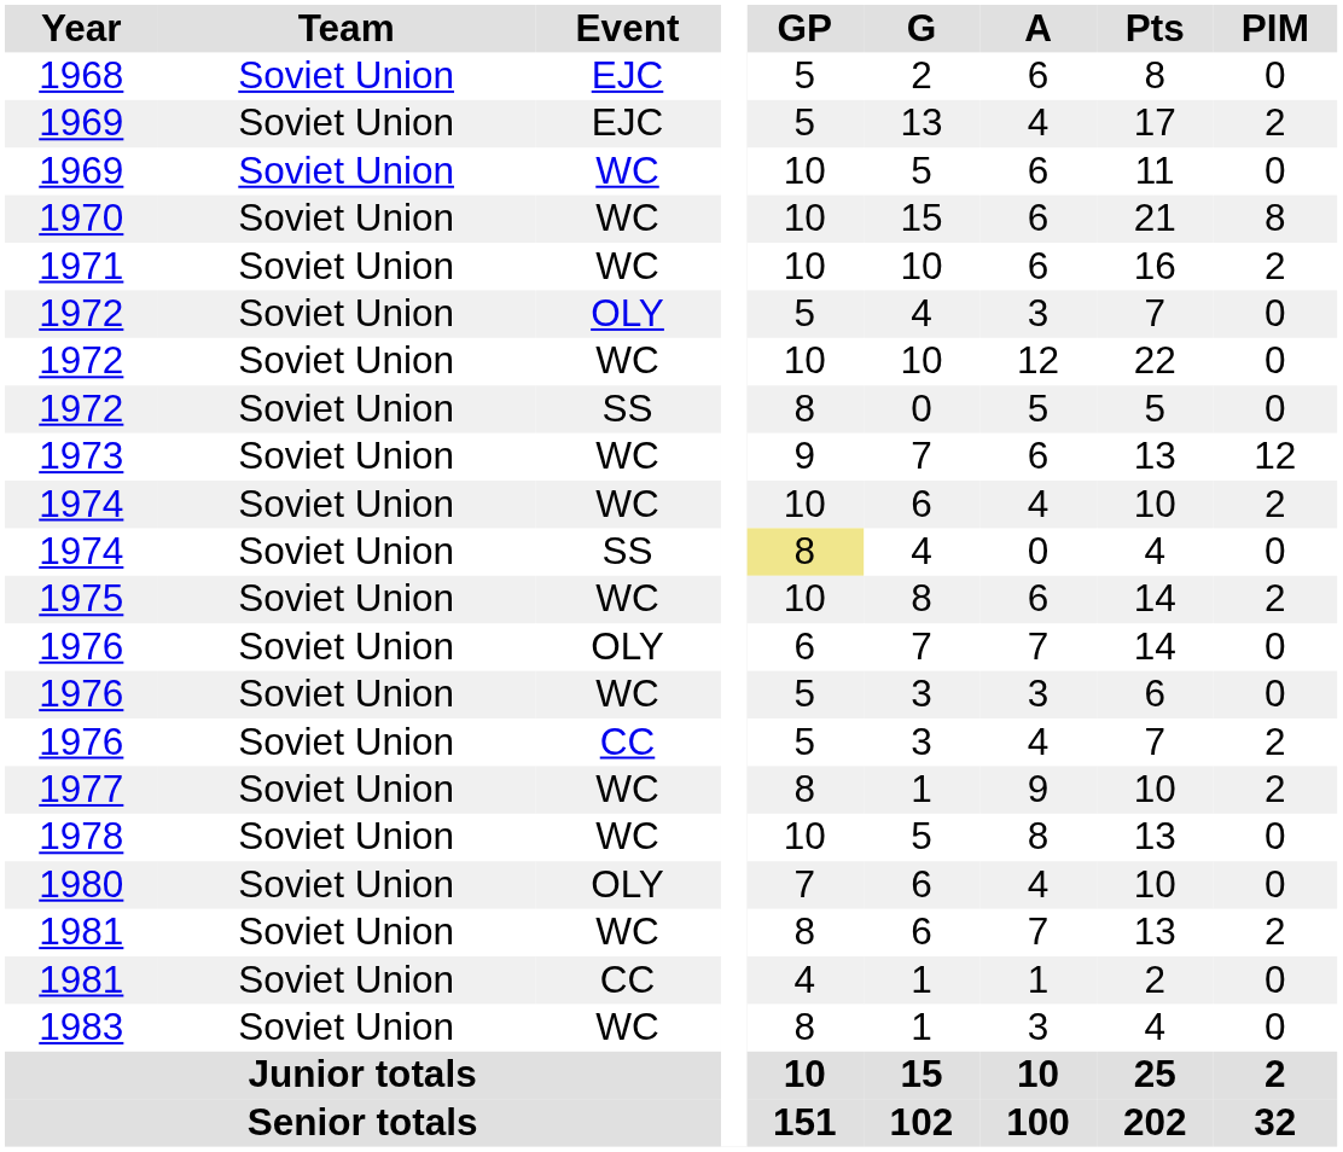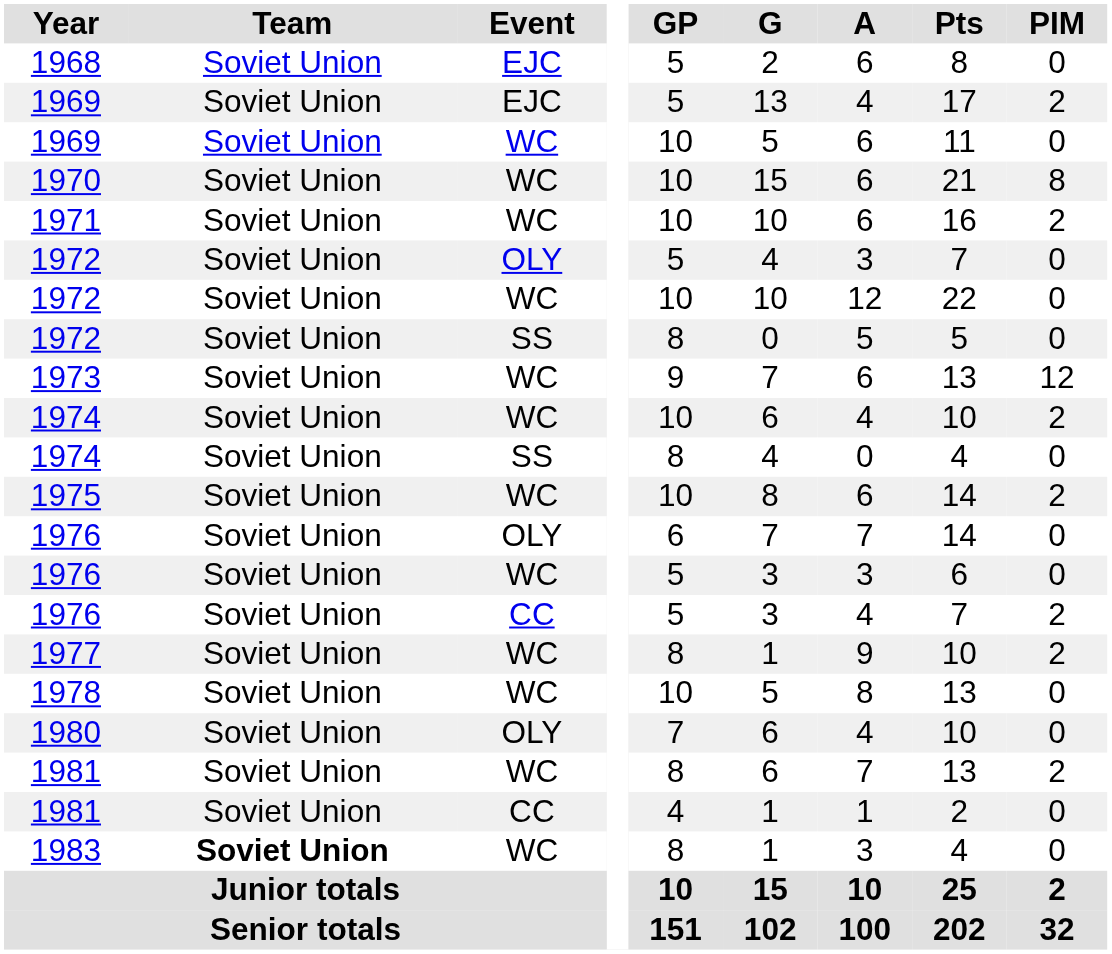 <table border="0" cellpadding="1" cellspacing="0" style="text-align:center; width:35em">
 <tr ALIGN="center" bgcolor="#e0e0e0">
 <th>Year</th>
 <th>Team</th>
 <th>Event</th>
 <th rowspan="99" bgcolor="#ffffff"> </th>
 <th>GP</th>
 <th>G</th>
 <th>A</th>
 <th>Pts</th>
 <th>PIM</th>
 </tr>
 <tr>
 <td><a href='#'>1968</a></td>
 <td><a href='#'>Soviet Union</a></td>
 <td><a href='#'>EJC</a></td>
 <td>5</td>
 <td>2</td>
 <td>6</td>
 <td>8</td>
 <td>0</td>
 </tr>
 <tr bgcolor="#f0f0f0">
 <td><a href='#'>1969</a></td>
 <td>Soviet Union</td>
 <td>EJC</td>
 <td>5</td>
 <td>13</td>
 <td>4</td>
 <td>17</td>
 <td>2</td>
 </tr>
 <tr>
 <td><a href='#'>1969</a></td>
 <td><a href='#'>Soviet Union</a></td>
 <td><a href='#'>WC</a></td>
 <td>10</td>
 <td>5</td>
 <td>6</td>
 <td>11</td>
 <td>0</td>
 </tr>
 <tr bgcolor="#f0f0f0">
 <td><a href='#'>1970</a></td>
 <td>Soviet Union</td>
 <td>WC</td>
 <td>10</td>
 <td>15</td>
 <td>6</td>
 <td>21</td>
 <td>8</td>
 </tr>
 <tr>
 <td><a href='#'>1971</a></td>
 <td>Soviet Union</td>
 <td>WC</td>
 <td>10</td>
 <td>10</td>
 <td>6</td>
 <td>16</td>
 <td>2</td>
 </tr>
 <tr bgcolor="#f0f0f0">
 <td><a href='#'>1972</a></td>
 <td>Soviet Union</td>
 <td><a href='#'>OLY</a></td>
 <td>5</td>
 <td>4</td>
 <td>3</td>
 <td>7</td>
 <td>0</td>
 </tr>
 <tr>
 <td><a href='#'>1972</a></td>
 <td>Soviet Union</td>
 <td>WC</td>
 <td>10</td>
 <td>10</td>
 <td>12</td>
 <td>22</td>
 <td>0</td>
 </tr>
 <tr bgcolor="#f0f0f0">
 <td><a href='#'>1972</a></td>
 <td>Soviet Union</td>
 <td>SS</td>
 <td>8</td>
 <td>0</td>
 <td>5</td>
 <td>5</td>
 <td>0</td>
 </tr>
 <tr>
 <td><a href='#'>1973</a></td>
 <td>Soviet Union</td>
 <td>WC</td>
 <td>9</td>
 <td>7</td>
 <td>6</td>
 <td>13</td>
 <td>12</td>
 </tr>
 <tr bgcolor="#f0f0f0">
 <td><a href='#'>1974</a></td>
 <td>Soviet Union</td>
 <td>WC</td>
 <td>10</td>
 <td>6</td>
 <td>4</td>
 <td>10</td>
 <td>2</td>
 </tr>
 <tr>
 <td><a href='#'>1974</a></td>
 <td>Soviet Union</td>
 <td>SS</td>
-<td style="background: khaki;">8</td>
+<td>8</td>
 <td>4</td>
 <td>0</td>
 <td>4</td>
 <td>0</td>
 </tr>
 <tr bgcolor="#f0f0f0">
 <td><a href='#'>1975</a></td>
 <td>Soviet Union</td>
 <td>WC</td>
 <td>10</td>
 <td>8</td>
 <td>6</td>
 <td>14</td>
 <td>2</td>
 </tr>
 <tr>
 <td><a href='#'>1976</a></td>
 <td>Soviet Union</td>
 <td>OLY</td>
 <td>6</td>
 <td>7</td>
 <td>7</td>
 <td>14</td>
 <td>0</td>
 </tr>
 <tr bgcolor="#f0f0f0">
 <td><a href='#'>1976</a></td>
 <td>Soviet Union</td>
 <td>WC</td>
 <td>5</td>
 <td>3</td>
 <td>3</td>
 <td>6</td>
 <td>0</td>
 </tr>
 <tr>
 <td><a href='#'>1976</a></td>
 <td>Soviet Union</td>
 <td><a href='#'>CC</a></td>
 <td>5</td>
 <td>3</td>
 <td>4</td>
 <td>7</td>
 <td>2</td>
 </tr>
 <tr bgcolor="#f0f0f0">
 <td><a href='#'>1977</a></td>
 <td>Soviet Union</td>
 <td>WC</td>
 <td>8</td>
 <td>1</td>
 <td>9</td>
 <td>10</td>
 <td>2</td>
 </tr>
 <tr>
 <td><a href='#'>1978</a></td>
 <td>Soviet Union</td>
 <td>WC</td>
 <td>10</td>
 <td>5</td>
 <td>8</td>
 <td>13</td>
 <td>0</td>
 </tr>
 <tr bgcolor="#f0f0f0">
 <td><a href='#'>1980</a></td>
 <td>Soviet Union</td>
 <td>OLY</td>
 <td>7</td>
 <td>6</td>
 <td>4</td>
 <td>10</td>
 <td>0</td>
 </tr>
 <tr>
 <td><a href='#'>1981</a></td>
 <td>Soviet Union</td>
 <td>WC</td>
 <td>8</td>
 <td>6</td>
 <td>7</td>
 <td>13</td>
 <td>2</td>
 </tr>
 <tr bgcolor="#f0f0f0">
 <td><a href='#'>1981</a></td>
 <td>Soviet Union</td>
 <td>CC</td>
 <td>4</td>
 <td>1</td>
 <td>1</td>
 <td>2</td>
 <td>0</td>
 </tr>
 <tr>
 <td><a href='#'>1983</a></td>
-<td>Soviet Union</td>
+<td><strong>Soviet Union</strong></td>
 <td>WC</td>
 <td>8</td>
 <td>1</td>
 <td>3</td>
 <td>4</td>
 <td>0</td>
 </tr>
 <tr bgcolor="#e0e0e0">
 <th colspan=3>Junior totals</th>
 <th>10</th>
 <th>15</th>
 <th>10</th>
 <th>25</th>
 <th>2</th>
 </tr>
 <tr bgcolor="#e0e0e0">
 <th colspan=3>Senior totals</th>
 <th>151</th>
 <th>102</th>
 <th>100</th>
 <th>202</th>
 <th>32</th>
 </tr>
 </table>
